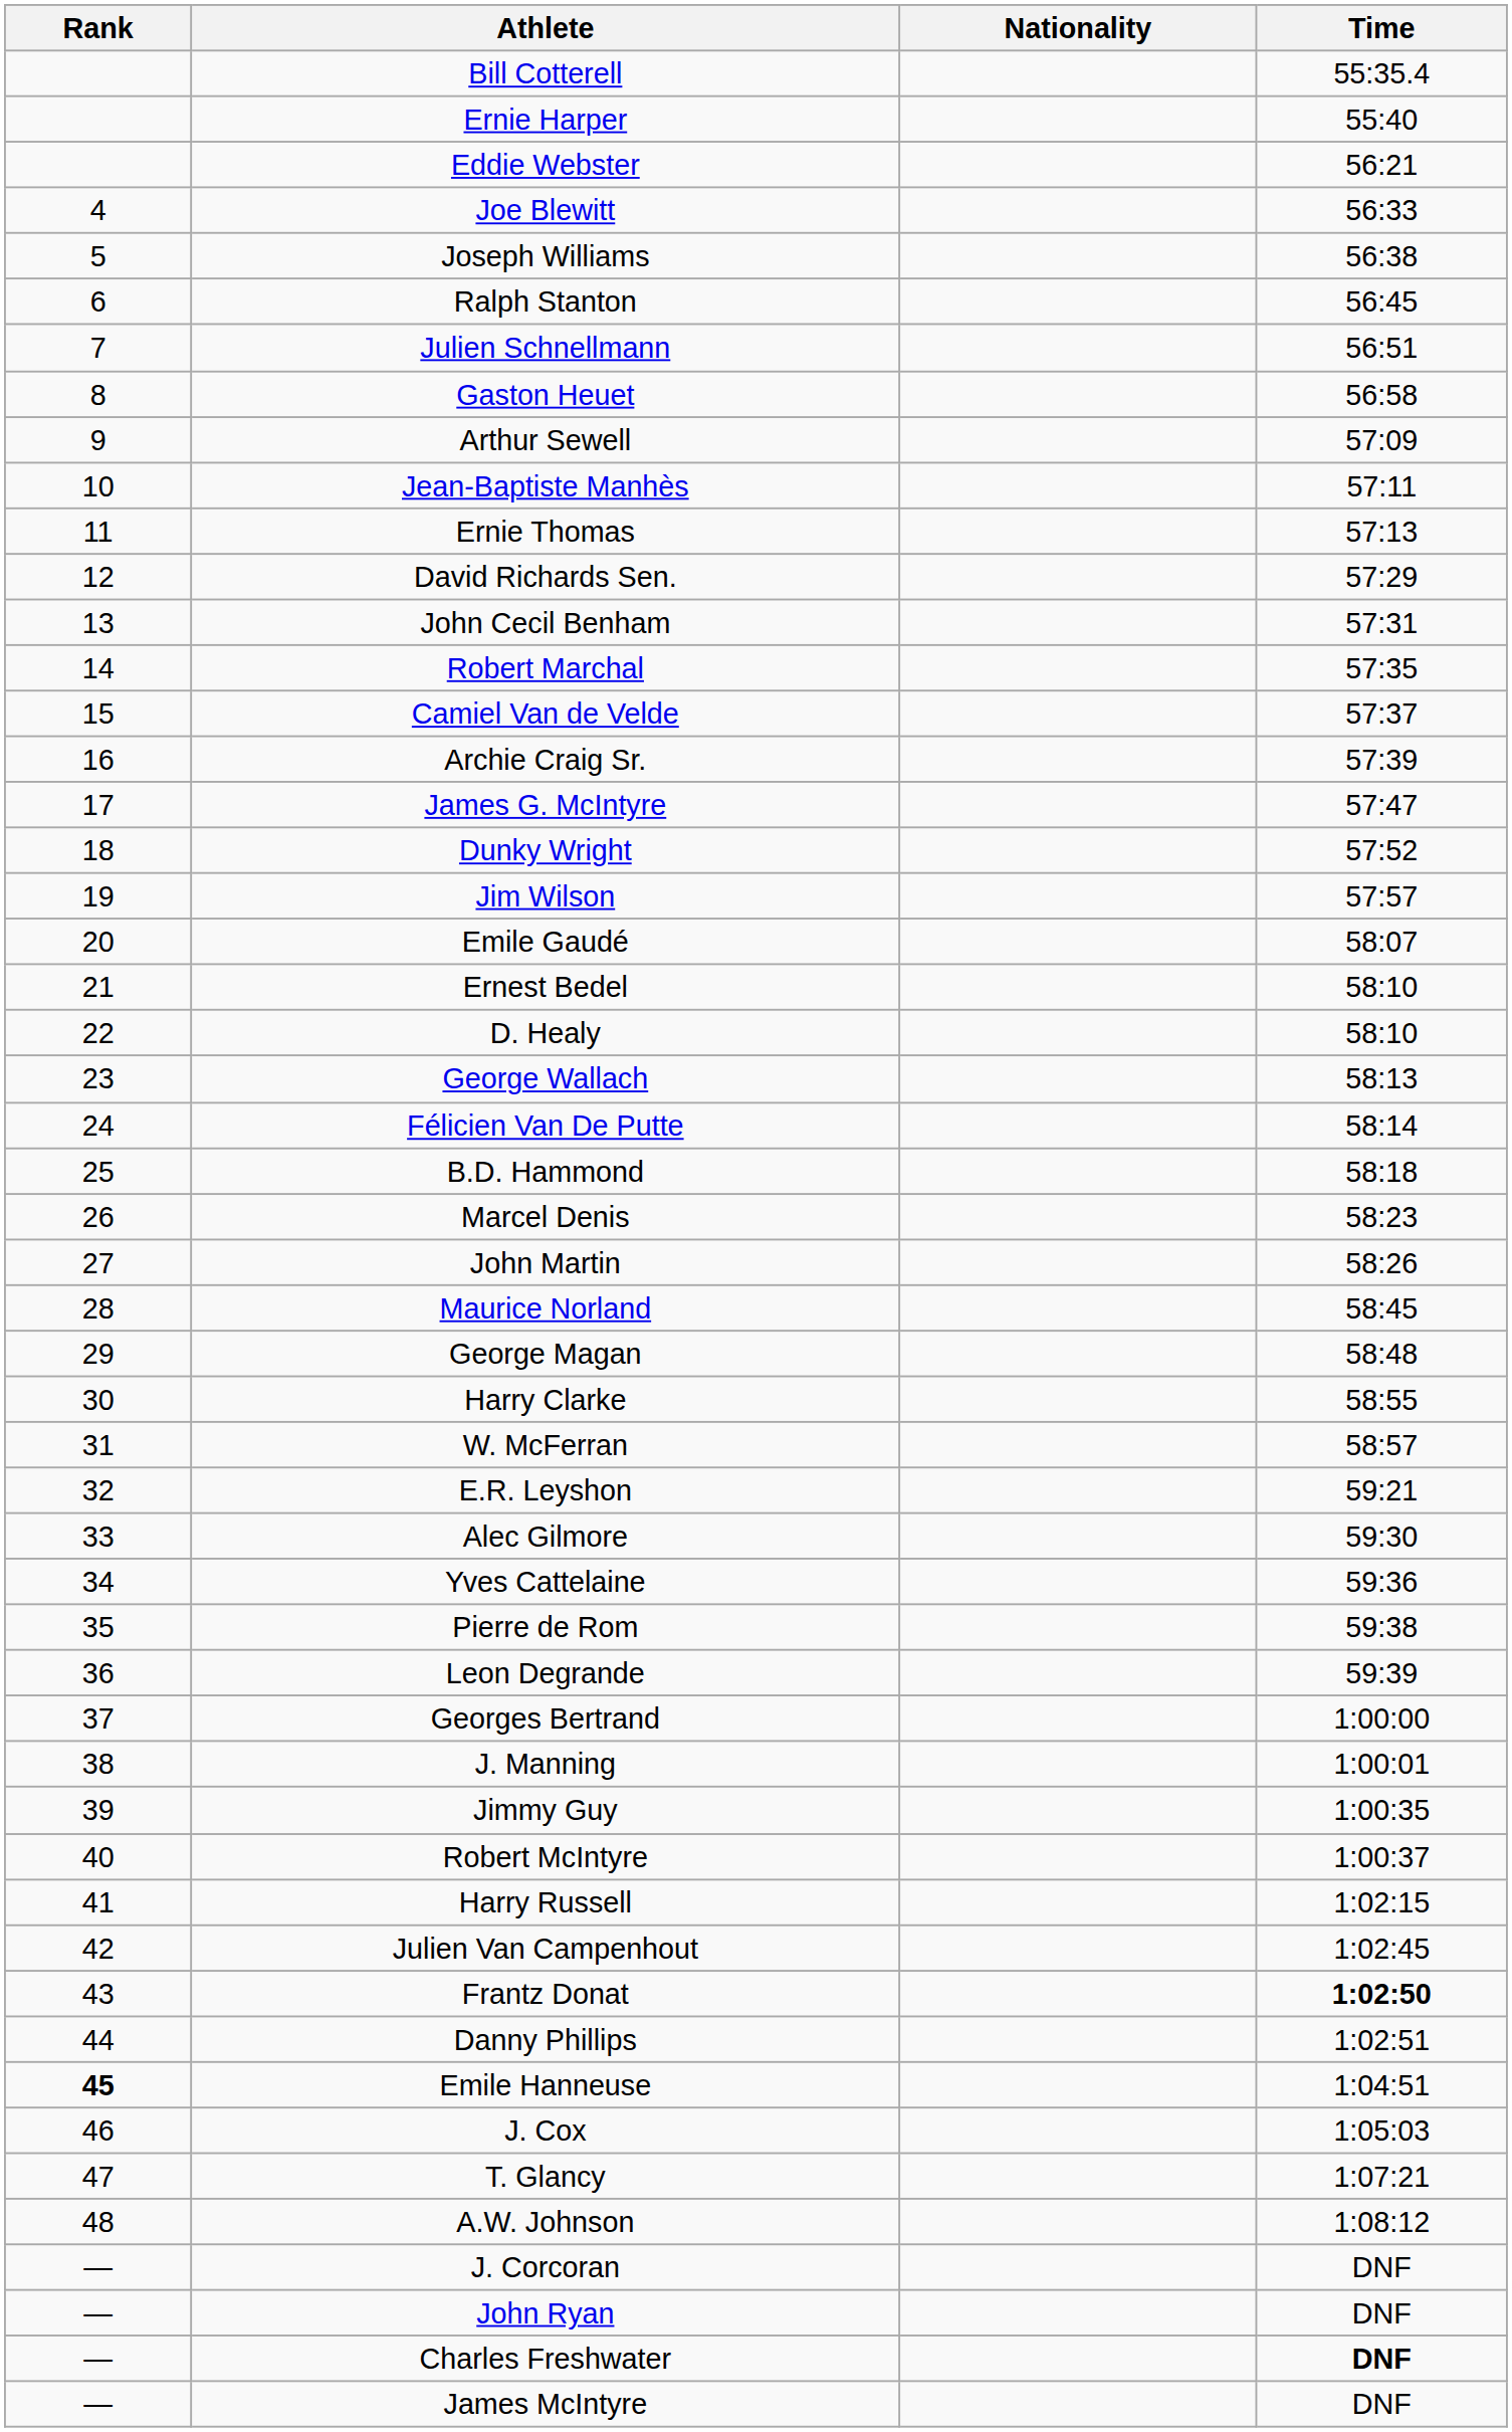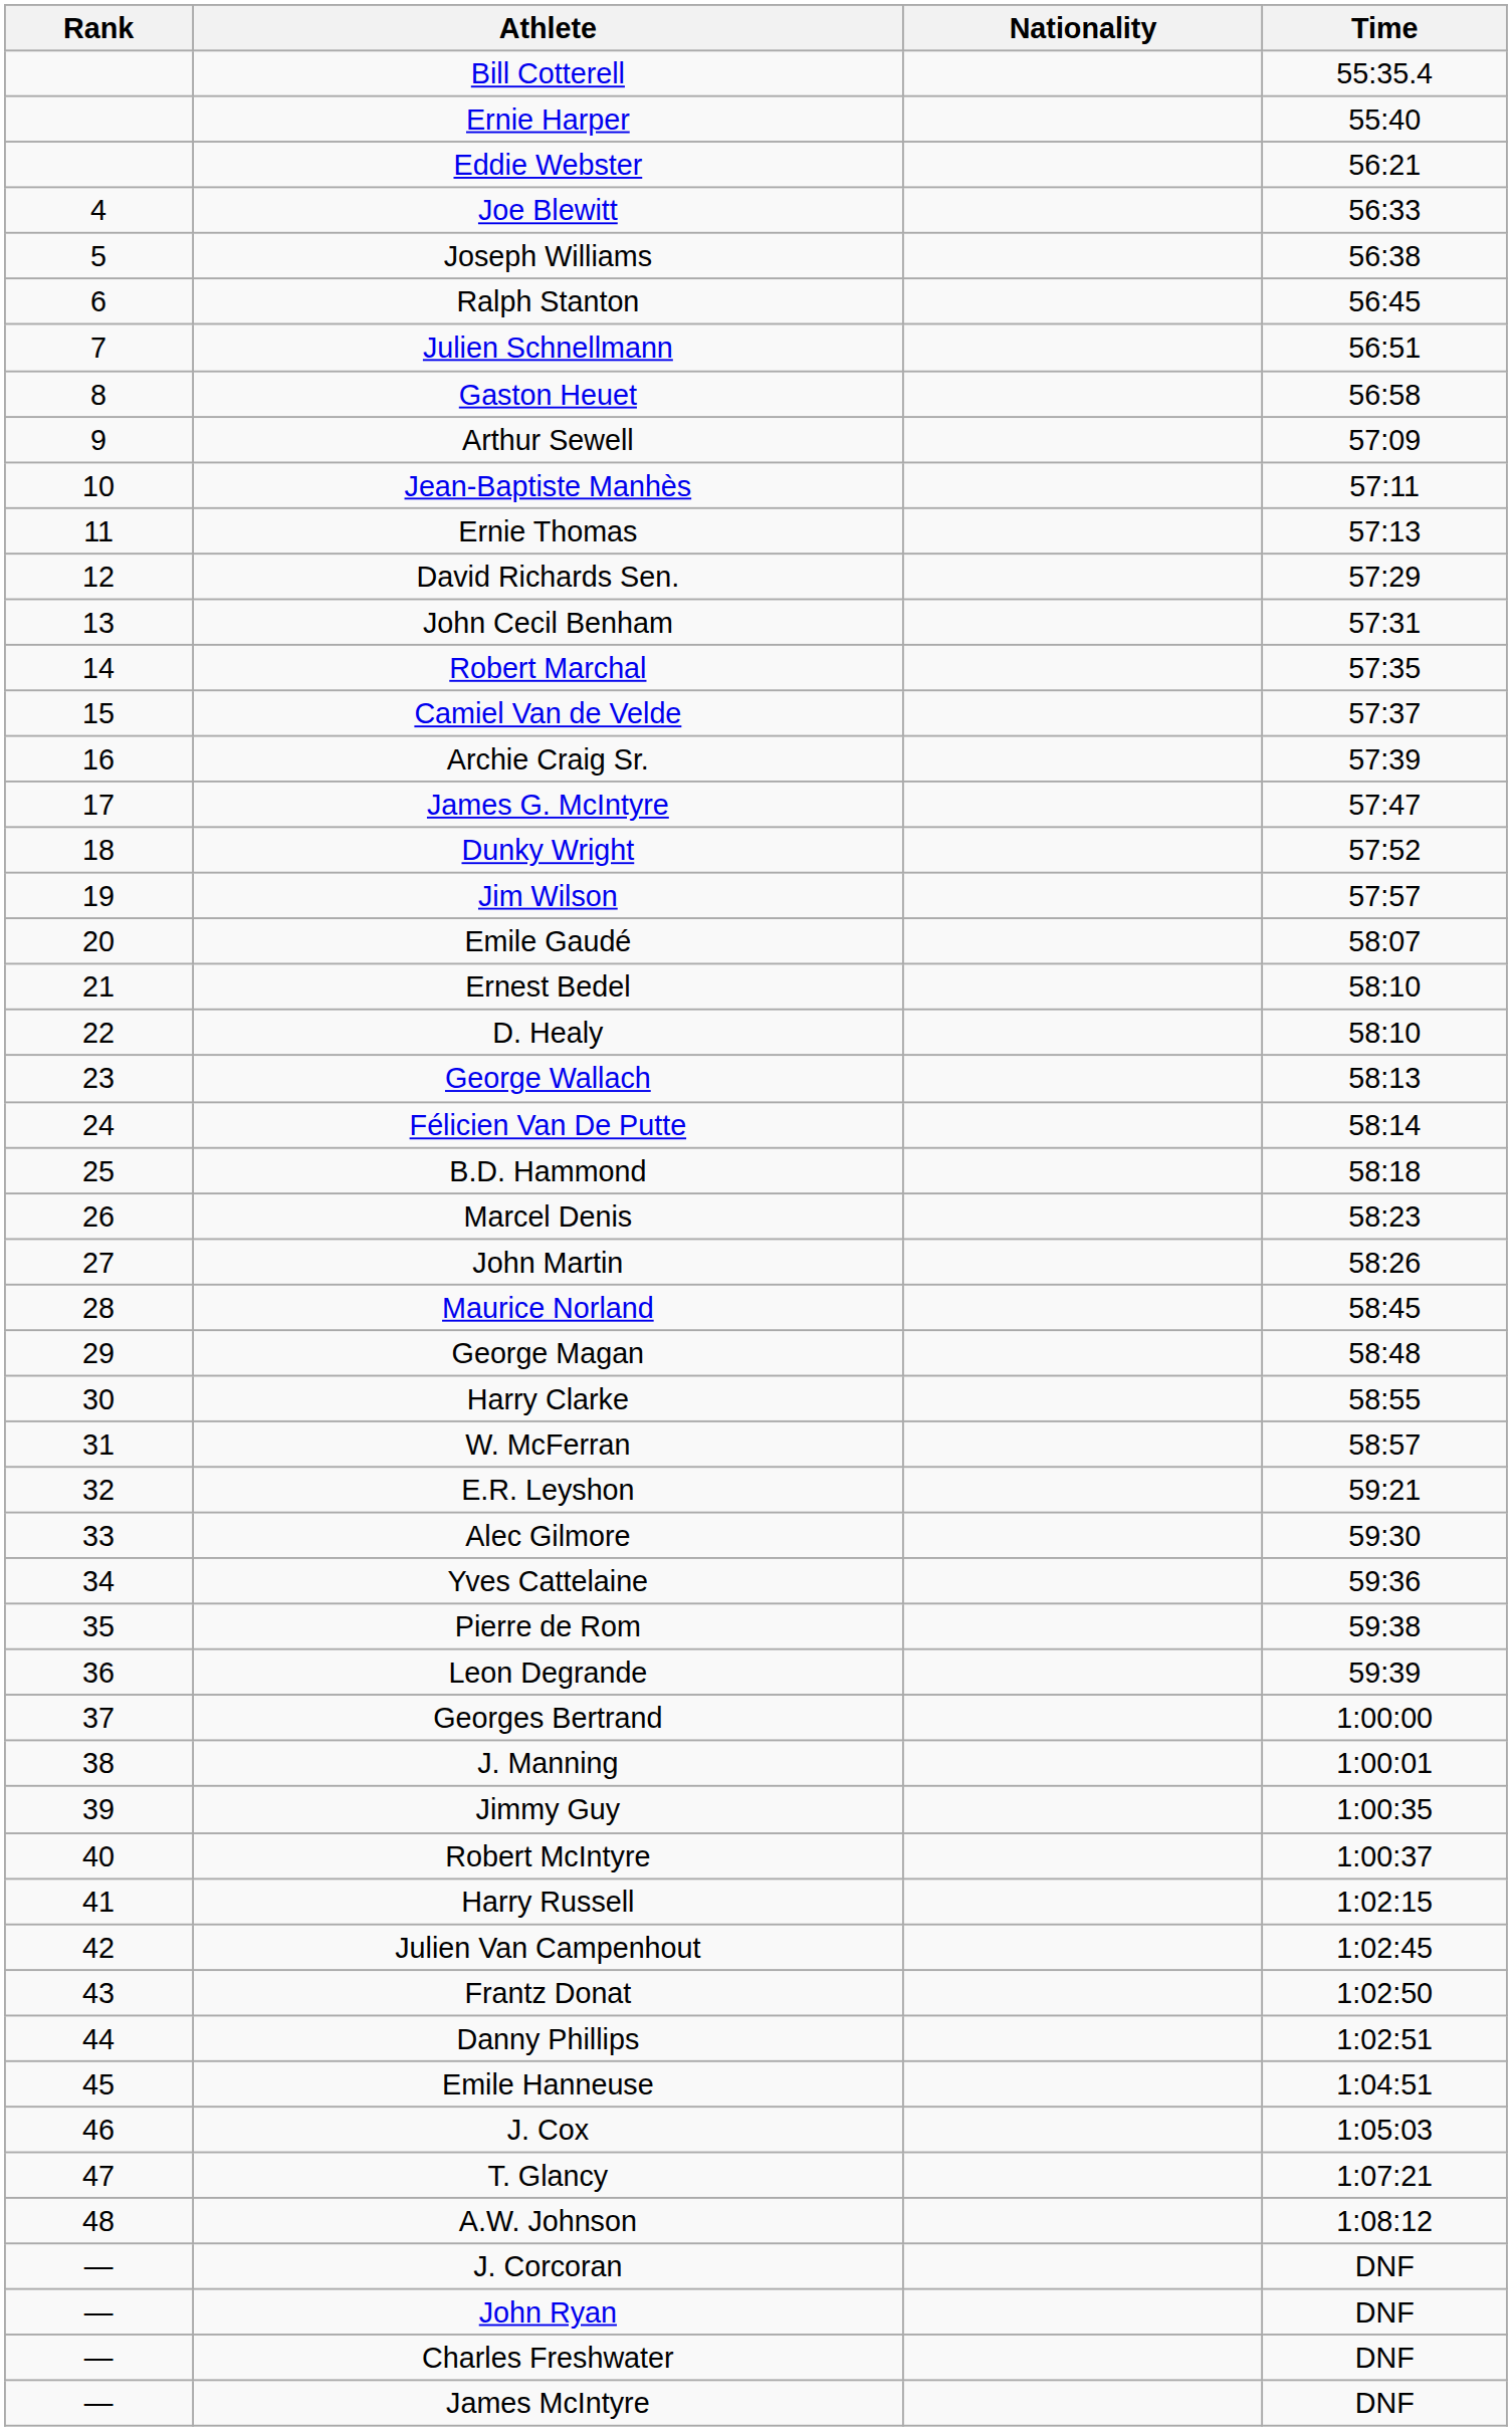 <table class="wikitable sortable" style=" text-align:center; font-size:95%;" width="50%">
 <tr>
 <th>Rank</th>
 <th>Athlete</th>
 <th>Nationality</th>
 <th>Time</th>
 </tr>
 <tr>
 <td align=center></td>
 <td><a href='#'>Bill Cotterell</a></td>
 <td></td>
 <td>55:35.4</td>
 </tr>
 <tr>
 <td align=center></td>
 <td><a href='#'>Ernie Harper</a></td>
 <td></td>
 <td>55:40</td>
 </tr>
 <tr>
 <td align=center></td>
 <td><a href='#'>Eddie Webster</a></td>
 <td></td>
 <td>56:21</td>
 </tr>
 <tr>
 <td align=center>4</td>
 <td><a href='#'>Joe Blewitt</a></td>
 <td></td>
 <td>56:33</td>
 </tr>
 <tr>
 <td align=center>5</td>
 <td>Joseph Williams</td>
 <td></td>
 <td>56:38</td>
 </tr>
 <tr>
 <td align=center>6</td>
 <td>Ralph Stanton</td>
 <td></td>
 <td>56:45</td>
 </tr>
 <tr>
 <td align=center>7</td>
 <td><a href='#'>Julien Schnellmann</a></td>
 <td></td>
 <td>56:51</td>
 </tr>
 <tr>
 <td align=center>8</td>
 <td><a href='#'>Gaston Heuet</a></td>
 <td></td>
 <td>56:58</td>
 </tr>
 <tr>
 <td align=center>9</td>
 <td>Arthur Sewell</td>
 <td></td>
 <td>57:09</td>
 </tr>
 <tr>
 <td align=center>10</td>
 <td><a href='#'>Jean-Baptiste Manhès</a></td>
 <td></td>
 <td>57:11</td>
 </tr>
 <tr>
 <td align=center>11</td>
 <td>Ernie Thomas</td>
 <td></td>
 <td>57:13</td>
 </tr>
 <tr>
 <td align=center>12</td>
 <td>David Richards Sen.</td>
 <td></td>
 <td>57:29</td>
 </tr>
 <tr>
 <td align=center>13</td>
 <td>John Cecil Benham</td>
 <td></td>
 <td>57:31</td>
 </tr>
 <tr>
 <td align=center>14</td>
 <td><a href='#'>Robert Marchal</a></td>
 <td></td>
 <td>57:35</td>
 </tr>
 <tr>
 <td align=center>15</td>
 <td><a href='#'>Camiel Van de Velde</a></td>
 <td></td>
 <td>57:37</td>
 </tr>
 <tr>
 <td align=center>16</td>
 <td>Archie Craig Sr.</td>
 <td></td>
 <td>57:39</td>
 </tr>
 <tr>
 <td align=center>17</td>
 <td><a href='#'>James G. McIntyre</a></td>
 <td></td>
 <td>57:47</td>
 </tr>
 <tr>
 <td align=center>18</td>
 <td><a href='#'>Dunky Wright</a></td>
 <td></td>
 <td>57:52</td>
 </tr>
 <tr>
 <td align=center>19</td>
 <td><a href='#'>Jim Wilson</a></td>
 <td></td>
 <td>57:57</td>
 </tr>
 <tr>
 <td align=center>20</td>
 <td>Emile Gaudé</td>
 <td></td>
 <td>58:07</td>
 </tr>
 <tr>
 <td align=center>21</td>
 <td>Ernest Bedel</td>
 <td></td>
 <td>58:10</td>
 </tr>
 <tr>
 <td align=center>22</td>
 <td>D. Healy</td>
 <td></td>
 <td>58:10</td>
 </tr>
 <tr>
 <td align=center>23</td>
 <td><a href='#'>George Wallach</a></td>
 <td></td>
 <td>58:13</td>
 </tr>
 <tr>
 <td align=center>24</td>
 <td><a href='#'>Félicien Van De Putte</a></td>
 <td></td>
 <td>58:14</td>
 </tr>
 <tr>
 <td align=center>25</td>
 <td>B.D. Hammond</td>
 <td></td>
 <td>58:18</td>
 </tr>
 <tr>
 <td align=center>26</td>
 <td>Marcel Denis</td>
 <td></td>
 <td>58:23</td>
 </tr>
 <tr>
 <td align=center>27</td>
 <td>John Martin</td>
 <td></td>
 <td>58:26</td>
 </tr>
 <tr>
 <td align=center>28</td>
 <td><a href='#'>Maurice Norland</a></td>
 <td></td>
 <td>58:45</td>
 </tr>
 <tr>
 <td align=center>29</td>
 <td>George Magan</td>
 <td></td>
 <td>58:48</td>
 </tr>
 <tr>
 <td align=center>30</td>
 <td>Harry Clarke</td>
 <td></td>
 <td>58:55</td>
 </tr>
 <tr>
 <td align=center>31</td>
 <td>W. McFerran</td>
 <td></td>
 <td>58:57</td>
 </tr>
 <tr>
 <td align=center>32</td>
 <td>E.R. Leyshon</td>
 <td></td>
 <td>59:21</td>
 </tr>
 <tr>
 <td align=center>33</td>
 <td>Alec Gilmore</td>
 <td></td>
 <td>59:30</td>
 </tr>
 <tr>
 <td align=center>34</td>
 <td>Yves Cattelaine</td>
 <td></td>
 <td>59:36</td>
 </tr>
 <tr>
 <td align=center>35</td>
 <td>Pierre de Rom</td>
 <td></td>
 <td>59:38</td>
 </tr>
 <tr>
 <td align=center>36</td>
 <td>Leon Degrande</td>
 <td></td>
 <td>59:39</td>
 </tr>
 <tr>
 <td align=center>37</td>
 <td>Georges Bertrand</td>
 <td></td>
 <td>1:00:00</td>
 </tr>
 <tr>
 <td align=center>38</td>
 <td>J. Manning</td>
 <td></td>
 <td>1:00:01</td>
 </tr>
 <tr>
 <td align=center>39</td>
 <td>Jimmy Guy</td>
 <td></td>
 <td>1:00:35</td>
 </tr>
 <tr>
 <td align=center>40</td>
 <td>Robert McIntyre</td>
 <td></td>
 <td>1:00:37</td>
 </tr>
 <tr>
 <td align=center>41</td>
 <td>Harry Russell</td>
 <td></td>
 <td>1:02:15</td>
 </tr>
 <tr>
 <td align=center>42</td>
 <td>Julien Van Campenhout</td>
 <td></td>
 <td>1:02:45</td>
 </tr>
 <tr>
 <td align=center>43</td>
 <td>Frantz Donat</td>
 <td></td>
-<td><strong>1:02:50</strong></td>
+<td>1:02:50</td>
 </tr>
 <tr>
 <td align=center>44</td>
 <td>Danny Phillips</td>
 <td></td>
 <td>1:02:51</td>
 </tr>
 <tr>
-<td align=center><strong>45</strong></td>
+<td align=center>45</td>
 <td>Emile Hanneuse</td>
 <td></td>
 <td>1:04:51</td>
 </tr>
 <tr>
 <td align=center>46</td>
 <td>J. Cox</td>
 <td></td>
 <td>1:05:03</td>
 </tr>
 <tr>
 <td align=center>47</td>
 <td>T. Glancy</td>
 <td></td>
 <td>1:07:21</td>
 </tr>
 <tr>
 <td align=center>48</td>
 <td>A.W. Johnson</td>
 <td></td>
 <td>1:08:12</td>
 </tr>
 <tr>
 <td align=center>—</td>
 <td>J. Corcoran</td>
 <td></td>
 <td>DNF</td>
 </tr>
 <tr>
 <td align=center>—</td>
 <td><a href='#'>John Ryan</a></td>
 <td></td>
 <td>DNF</td>
 </tr>
 <tr>
 <td align=center>—</td>
 <td>Charles Freshwater</td>
 <td></td>
-<td><strong>DNF</strong></td>
+<td>DNF</td>
 </tr>
 <tr>
 <td align=center>—</td>
 <td>James McIntyre</td>
 <td></td>
 <td>DNF</td>
 </tr>
 </table>
